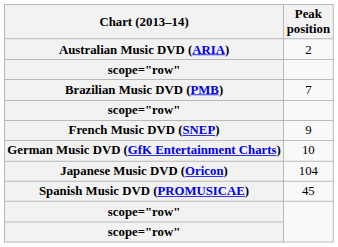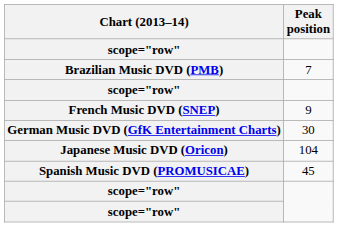 <table class="wikitable sortable plainrowheaders">
 <tr>
 <th scope="col">Chart (2013–14)</th>
 <th scope="col">Peak<br>position</th>
-</tr>
-<tr>
-<th scope="row">Australian Music DVD (<a href='#'>ARIA</a>)</th>
-<td style="text-align:center;">2</td>
 </tr>
 <tr>
 <th>scope="row"</th>
 </tr>
 <tr>
 <th scope="row">Brazilian Music DVD (<a href='#'>PMB</a>)</th>
 <td style="text-align:center;">7</td>
 </tr>
 <tr>
 <th>scope="row"</th>
 </tr>
 <tr>
 <th scope="row">French Music DVD (<a href='#'>SNEP</a>)</th>
 <td style="text-align:center;">9</td>
 </tr>
 <tr>
 <th scope="row">German Music DVD (<a href='#'>GfK Entertainment Charts</a>)</th>
-<td style="text-align:center;">10</td>
+<td style="text-align:center;">30</td>
 </tr>
 <tr>
 <th scope="row">Japanese Music DVD (<a href='#'>Oricon</a>)</th>
 <td style="text-align:center;">104</td>
 </tr>
 <tr>
 <th scope="row">Spanish Music DVD (<a href='#'>PROMUSICAE</a>)</th>
 <td style="text-align:center;">45</td>
 </tr>
 <tr>
 <th>scope="row"</th>
 </tr>
 <tr>
 <th>scope="row"</th>
 </tr>
 </table>
